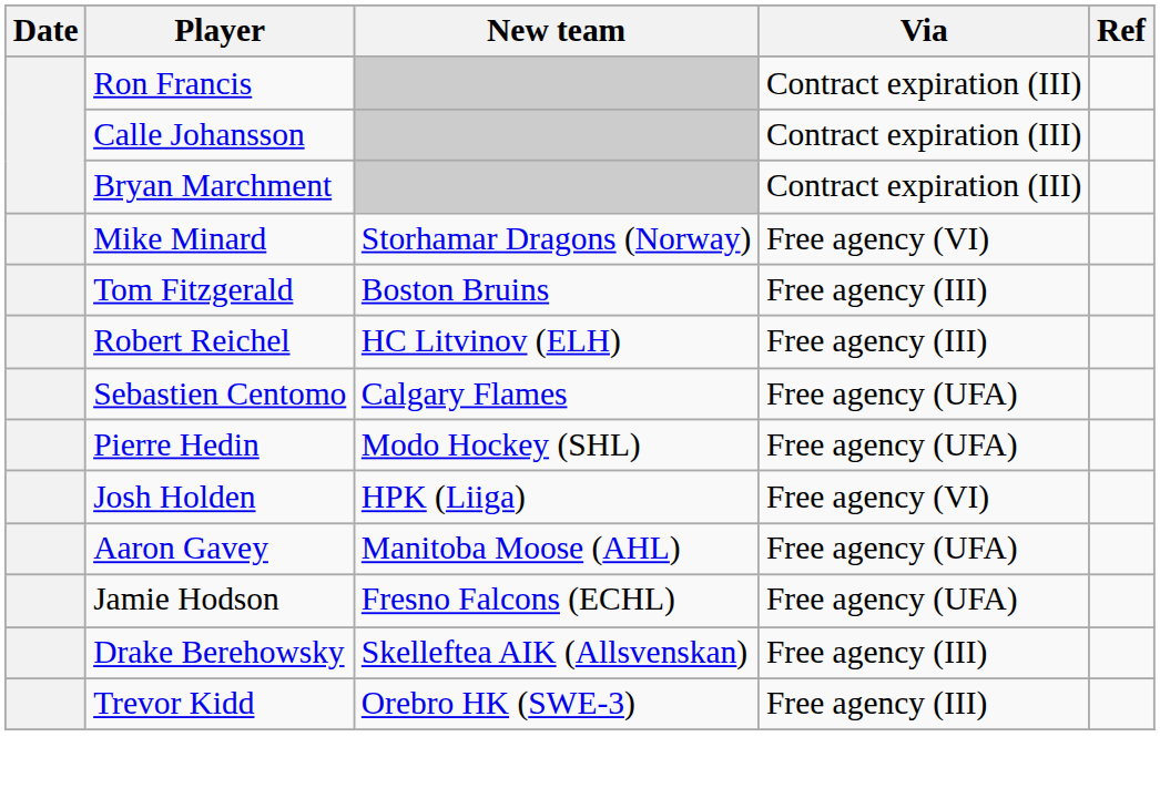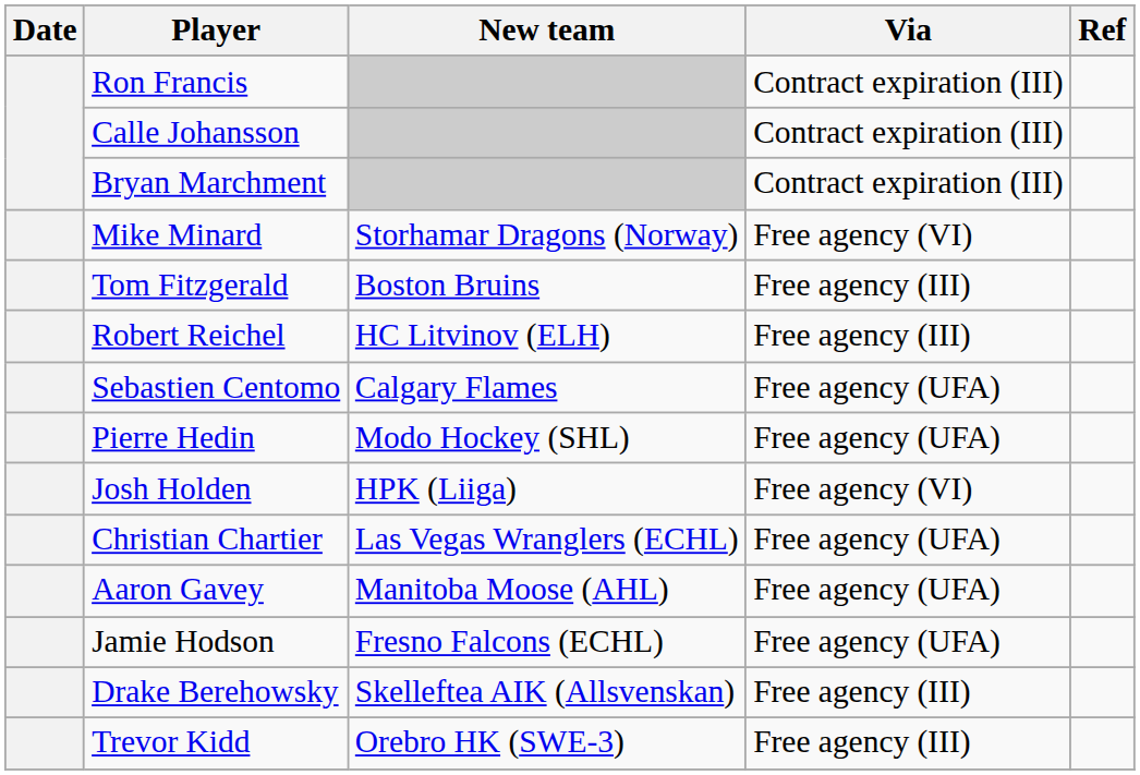 <table class="wikitable plainrowheaders">
 <tr style="background:#ddd; text-align:center;">
 <th>Date</th>
 <th>Player</th>
 <th>New team</th>
 <th>Via</th>
 <th>Ref</th>
 </tr>
 <tr>
 <th scope="row" rowspan=3></th>
 <td><a href='#'>Ron Francis</a></td>
 <td style="background:#ccc"></td>
 <td>Contract expiration (III)</td>
 <td></td>
 </tr>
 <tr>
 <td><a href='#'>Calle Johansson</a></td>
 <td style="background:#ccc"></td>
 <td>Contract expiration (III)</td>
 <td></td>
 </tr>
 <tr>
 <td><a href='#'>Bryan Marchment</a></td>
 <td style="background:#ccc"></td>
 <td>Contract expiration (III)</td>
 <td></td>
 </tr>
 <tr>
 <th scope="row"></th>
 <td><a href='#'>Mike Minard</a></td>
 <td><a href='#'>Storhamar Dragons</a> (<a href='#'>Norway</a>)</td>
 <td>Free agency (VI)</td>
 <td></td>
 </tr>
 <tr>
 <th scope="row"></th>
 <td><a href='#'>Tom Fitzgerald</a></td>
 <td><a href='#'>Boston Bruins</a></td>
 <td>Free agency (III)</td>
 <td></td>
 </tr>
 <tr>
 <th scope="row"></th>
 <td><a href='#'>Robert Reichel</a></td>
 <td><a href='#'>HC Litvinov</a> (<a href='#'>ELH</a>)</td>
 <td>Free agency (III)</td>
 <td></td>
 </tr>
 <tr>
 <th scope="row"></th>
 <td><a href='#'>Sebastien Centomo</a></td>
 <td><a href='#'>Calgary Flames</a></td>
 <td>Free agency (UFA)</td>
 <td></td>
 </tr>
 <tr>
 <th scope="row"></th>
 <td><a href='#'>Pierre Hedin</a></td>
 <td><a href='#'>Modo Hockey</a> (SHL)</td>
 <td>Free agency (UFA)</td>
 <td></td>
 </tr>
 <tr>
 <th scope="row"></th>
 <td><a href='#'>Josh Holden</a></td>
 <td><a href='#'>HPK</a> (<a href='#'>Liiga</a>)</td>
 <td>Free agency (VI)</td>
 <td></td>
 </tr>
 <tr>
 <th scope="row"></th>
+<td><a href='#'>Christian Chartier</a></td>
+<td><a href='#'>Las Vegas Wranglers</a> (<a href='#'>ECHL</a>)</td>
+<td>Free agency (UFA)</td>
+<td></td>
+</tr>
+<tr>
+<th scope="row"></th>
 <td><a href='#'>Aaron Gavey</a></td>
 <td><a href='#'>Manitoba Moose</a> (<a href='#'>AHL</a>)</td>
 <td>Free agency (UFA)</td>
 <td></td>
 </tr>
 <tr>
 <th scope="row"></th>
 <td>Jamie Hodson</td>
 <td><a href='#'>Fresno Falcons</a> (ECHL)</td>
 <td>Free agency (UFA)</td>
 <td></td>
 </tr>
 <tr>
 <th scope="row"></th>
 <td><a href='#'>Drake Berehowsky</a></td>
 <td><a href='#'>Skelleftea AIK</a> (<a href='#'>Allsvenskan</a>)</td>
 <td>Free agency (III)</td>
 <td></td>
 </tr>
 <tr>
 <th scope="row"></th>
 <td><a href='#'>Trevor Kidd</a></td>
 <td><a href='#'>Orebro HK</a> (<a href='#'>SWE-3</a>)</td>
 <td>Free agency (III)</td>
 <td></td>
 </tr>
 </table>
